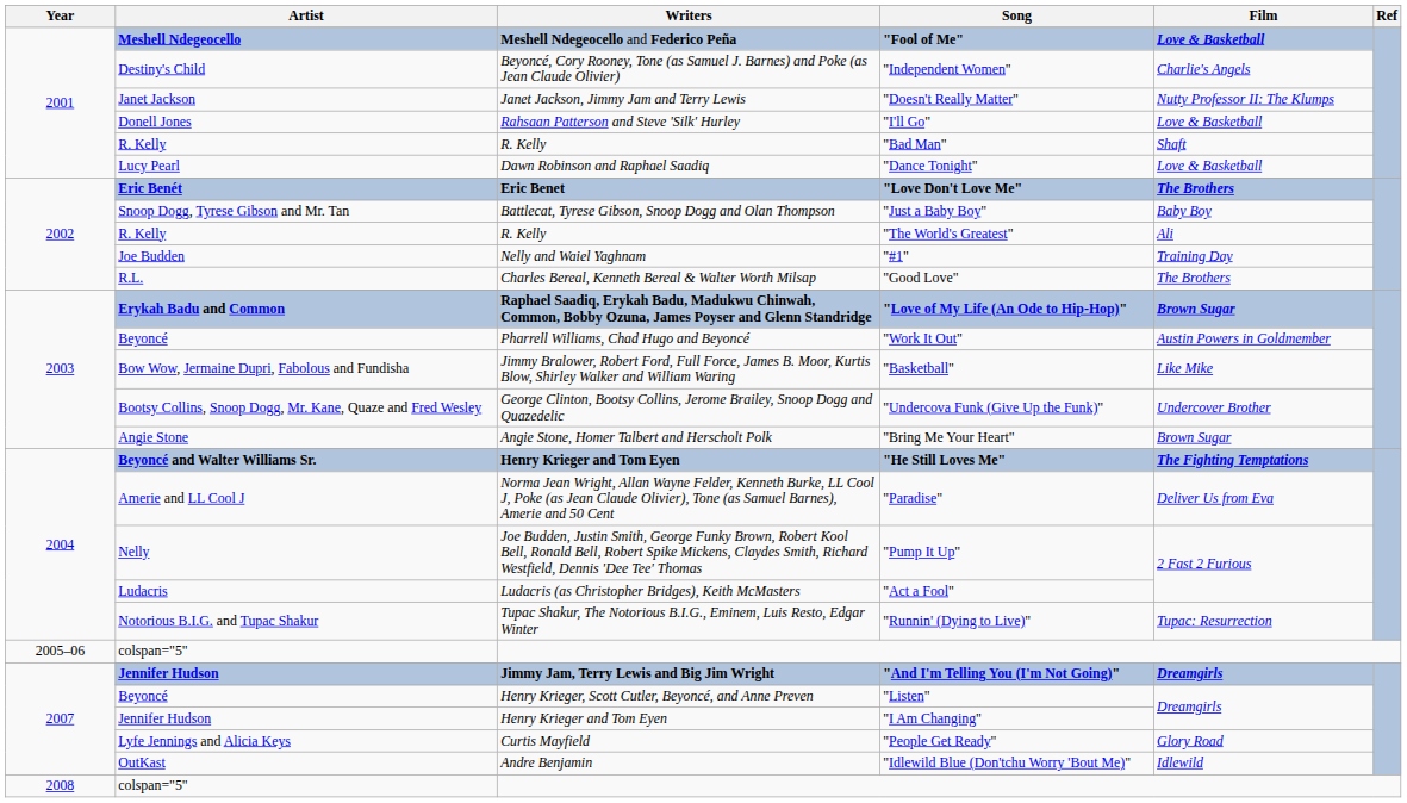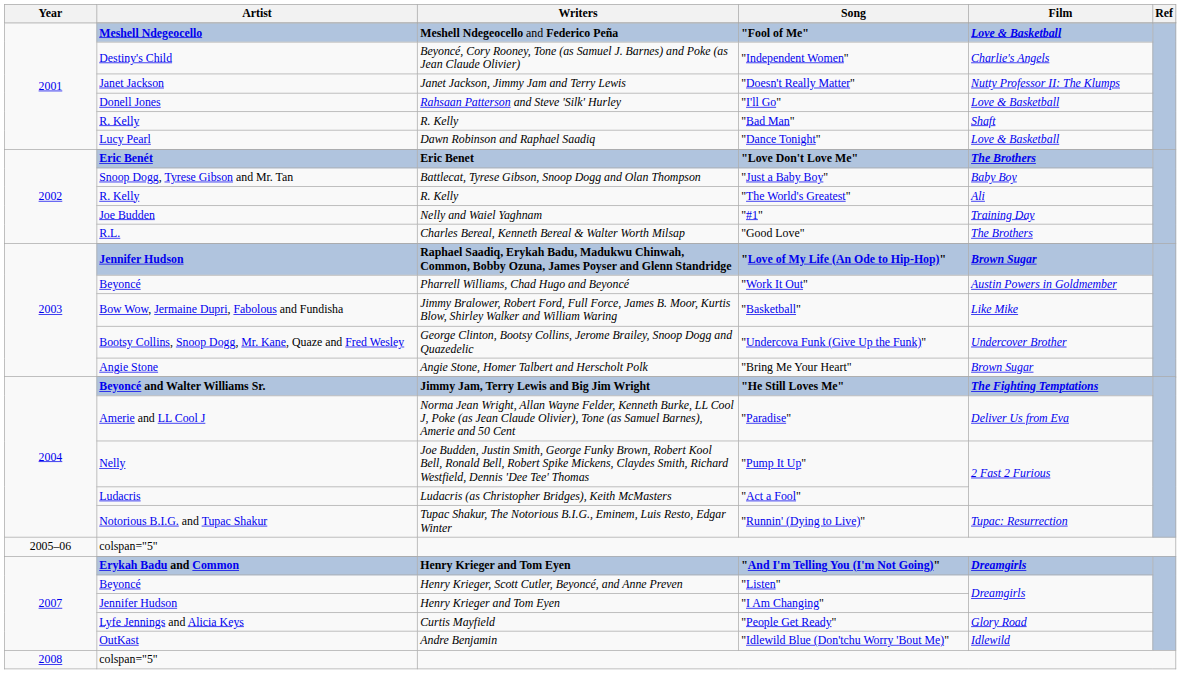 <table class="wikitable" style="width:100%;">
 <tr style="background:#bebebe;">
 <th style="width:08%;">Year</th>
 <th style="width:28%;">Artist</th>
 <th style="width:28%;">Writers</th>
 <th style="width:20%;">Song</th>
 <th style="width:28%;">Film</th>
 <th style="width:5%;">Ref</th>
 </tr>
 <tr>
 <td rowspan="7" align="center"><a href='#'>2001</a></td>
 </tr>
 <tr style="background:#B0C4DE">
 <td><strong><a href='#'>Meshell Ndegeocello</a></strong></td>
 <td><strong>Meshell Ndegeocello</strong> and <strong>Federico Peña</strong></td>
 <td><strong>"Fool of Me"</strong></td>
 <td><strong><em><a href='#'>Love & Basketball</a></em></strong></td>
 <td rowspan="7" align="center"></td>
 </tr>
 <tr>
 <td><a href='#'>Destiny's Child</a></td>
 <td><em>Beyoncé, Cory Rooney, Tone (as Samuel J. Barnes) and Poke (as Jean Claude Olivier)</em></td>
 <td>"<a href='#'>Independent Women</a>"</td>
 <td><em><a href='#'>Charlie's Angels</a></em></td>
 </tr>
 <tr>
 <td><a href='#'>Janet Jackson</a></td>
 <td><em>Janet Jackson, Jimmy Jam and Terry Lewis</em></td>
 <td>"<a href='#'>Doesn't Really Matter</a>"</td>
 <td><em><a href='#'>Nutty Professor II: The Klumps</a></em></td>
 </tr>
 <tr>
 <td><a href='#'>Donell Jones</a></td>
 <td><em><a href='#'>Rahsaan Patterson</a> and Steve 'Silk' Hurley</em></td>
 <td>"<a href='#'>I'll Go</a>"</td>
 <td><em><a href='#'>Love & Basketball</a></em></td>
 </tr>
 <tr>
 <td><a href='#'>R. Kelly</a></td>
 <td><em>R. Kelly</em></td>
 <td>"<a href='#'>Bad Man</a>"</td>
 <td><em><a href='#'>Shaft</a></em></td>
 </tr>
 <tr>
 <td><a href='#'>Lucy Pearl</a></td>
 <td><em>Dawn Robinson and Raphael Saadiq</em></td>
 <td>"<a href='#'>Dance Tonight</a>"</td>
 <td><em><a href='#'>Love & Basketball</a></em></td>
 </tr>
 <tr>
 <td rowspan="6" align="center"><a href='#'>2002</a></td>
 </tr>
 <tr style="background:#B0C4DE">
 <td><strong><a href='#'>Eric Benét</a></strong></td>
 <td><strong>Eric Benet</strong></td>
 <td><strong>"Love Don't Love Me"</strong></td>
 <td><strong><em><a href='#'>The Brothers</a></em></strong></td>
 <td rowspan="6" align="center"></td>
 </tr>
 <tr>
 <td><a href='#'>Snoop Dogg</a>, <a href='#'>Tyrese Gibson</a> and Mr. Tan</td>
 <td><em>Battlecat, Tyrese Gibson, Snoop Dogg and Olan Thompson</em></td>
 <td>"<a href='#'>Just a Baby Boy</a>"</td>
 <td><em><a href='#'>Baby Boy</a></em></td>
 </tr>
 <tr>
 <td><a href='#'>R. Kelly</a></td>
 <td><em>R. Kelly</em></td>
 <td>"<a href='#'>The World's Greatest</a>"</td>
 <td><em><a href='#'>Ali</a></em></td>
 </tr>
 <tr>
 <td><a href='#'>Joe Budden</a></td>
 <td><em>Nelly and Waiel Yaghnam</em></td>
 <td>"<a href='#'>#1</a>"</td>
 <td><em><a href='#'>Training Day</a></em></td>
 </tr>
 <tr>
 <td><a href='#'>R.L.</a></td>
 <td><em>Charles Bereal, Kenneth Bereal & Walter Worth Milsap</em></td>
 <td>"Good Love"</td>
 <td><em><a href='#'>The Brothers</a></em></td>
 </tr>
 <tr>
 <td rowspan="6" align="center"><a href='#'>2003</a></td>
 </tr>
 <tr style="background:#B0C4DE">
-<td><strong><a href='#'>Erykah Badu</a> and <a href='#'>Common</a></strong></td>
+<td><strong><a href='#'>Jennifer Hudson</a></strong></td>
 <td><strong>Raphael Saadiq, Erykah Badu, Madukwu Chinwah, Common, Bobby Ozuna, James Poyser and Glenn Standridge</strong></td>
 <td><strong>"<a href='#'>Love of My Life (An Ode to Hip-Hop)</a>"</strong></td>
 <td><strong><em><a href='#'>Brown Sugar</a></em></strong></td>
 <td rowspan="6" align="center"></td>
 </tr>
 <tr>
 <td><a href='#'>Beyoncé</a></td>
 <td><em>Pharrell Williams, Chad Hugo and Beyoncé</em></td>
 <td>"<a href='#'>Work It Out</a>"</td>
 <td><em><a href='#'>Austin Powers in Goldmember</a></em></td>
 </tr>
 <tr>
 <td><a href='#'>Bow Wow</a>, <a href='#'>Jermaine Dupri</a>, <a href='#'>Fabolous</a> and Fundisha</td>
 <td><em>Jimmy Bralower, Robert Ford, Full Force, James B. Moor, Kurtis Blow, Shirley Walker and William Waring</em></td>
 <td>"<a href='#'>Basketball</a>"</td>
 <td><em><a href='#'>Like Mike</a></em></td>
 </tr>
 <tr>
 <td><a href='#'>Bootsy Collins</a>, <a href='#'>Snoop Dogg</a>, <a href='#'>Mr. Kane</a>, Quaze and <a href='#'>Fred Wesley</a></td>
 <td><em>George Clinton, Bootsy Collins, Jerome Brailey, Snoop Dogg and Quazedelic</em></td>
 <td>"<a href='#'>Undercova Funk (Give Up the Funk)</a>"</td>
 <td><em><a href='#'>Undercover Brother</a></em></td>
 </tr>
 <tr>
 <td><a href='#'>Angie Stone</a></td>
 <td><em>Angie Stone, Homer Talbert and Herscholt Polk</em></td>
 <td>"Bring Me Your Heart"</td>
 <td><em><a href='#'>Brown Sugar</a></em></td>
 </tr>
 <tr>
 <td rowspan="6" align="center"><a href='#'>2004</a></td>
 </tr>
 <tr style="background:#B0C4DE">
 <td><strong><a href='#'>Beyoncé</a> and Walter Williams Sr.</strong></td>
-<td><strong>Henry Krieger and Tom Eyen</strong></td>
+<td><strong>Jimmy Jam, Terry Lewis and Big Jim Wright</strong></td>
 <td><strong>"He Still Loves Me"</strong></td>
 <td><strong><em><a href='#'>The Fighting Temptations</a></em></strong></td>
 <td rowspan="5" align="center"></td>
 </tr>
 <tr>
 <td><a href='#'>Amerie</a> and <a href='#'>LL Cool J</a></td>
 <td><em>Norma Jean Wright, Allan Wayne Felder, Kenneth Burke, LL Cool J, Poke (as Jean Claude Olivier), Tone (as Samuel Barnes), Amerie and 50 Cent</em></td>
 <td>"<a href='#'>Paradise</a>"</td>
 <td><em><a href='#'>Deliver Us from Eva</a></em></td>
 </tr>
 <tr>
 <td><a href='#'>Nelly</a></td>
 <td><em>Joe Budden, Justin Smith, George Funky Brown, Robert Kool Bell, Ronald Bell, Robert Spike Mickens, Claydes Smith, Richard Westfield, Dennis 'Dee Tee' Thomas</em></td>
 <td>"<a href='#'>Pump It Up</a>"</td>
 <td rowspan="2"><em><a href='#'>2 Fast 2 Furious</a></em></td>
 </tr>
 <tr>
 <td><a href='#'>Ludacris</a></td>
 <td><em>Ludacris (as Christopher Bridges), Keith McMasters</em></td>
 <td>"<a href='#'>Act a Fool</a>"</td>
 </tr>
 <tr>
 <td><a href='#'>Notorious B.I.G.</a> and <a href='#'>Tupac Shakur</a></td>
 <td><em>Tupac Shakur, The Notorious B.I.G., Eminem, Luis Resto, Edgar Winter</em></td>
 <td>"<a href='#'>Runnin' (Dying to Live)</a>"</td>
 <td><em><a href='#'>Tupac: Resurrection</a></em></td>
 </tr>
 <tr>
 <td align="center">2005–06</td>
 <td>colspan="5" </td>
 </tr>
 <tr>
 <td rowspan="6" align="center"><a href='#'>2007</a></td>
 </tr>
 <tr style="background:#B0C4DE">
-<td><strong><a href='#'>Jennifer Hudson</a></strong></td>
-<td><strong>Jimmy Jam, Terry Lewis and Big Jim Wright</strong></td>
+<td><strong><a href='#'>Erykah Badu</a> and <a href='#'>Common</a></strong></td>
+<td><strong>Henry Krieger and Tom Eyen</strong></td>
 <td><strong>"<a href='#'>And I'm Telling You (I'm Not Going)</a>"</strong></td>
 <td><strong><em><a href='#'>Dreamgirls</a></em></strong></td>
 <td rowspan="5" align="center"></td>
 </tr>
 <tr>
 <td><a href='#'>Beyoncé</a></td>
 <td><em>Henry Krieger, Scott Cutler, Beyoncé, and Anne Preven</em></td>
 <td>"<a href='#'>Listen</a>"</td>
 <td rowspan="2"><em><a href='#'>Dreamgirls</a></em></td>
 </tr>
 <tr>
 <td><a href='#'>Jennifer Hudson</a></td>
 <td><em>Henry Krieger and Tom Eyen</em></td>
 <td>"<a href='#'>I Am Changing</a>"</td>
 </tr>
 <tr>
 <td><a href='#'>Lyfe Jennings</a> and <a href='#'>Alicia Keys</a></td>
 <td><em>Curtis Mayfield</em></td>
 <td>"<a href='#'>People Get Ready</a>"</td>
 <td><em><a href='#'>Glory Road</a></em></td>
 </tr>
 <tr>
 <td><a href='#'>OutKast</a></td>
 <td><em>Andre Benjamin</em></td>
 <td>"<a href='#'>Idlewild Blue (Don'tchu Worry 'Bout Me)</a>"</td>
 <td><em><a href='#'>Idlewild</a></em></td>
 </tr>
 <tr>
 <td align="center"><a href='#'>2008</a></td>
 <td>colspan="5" </td>
 </tr>
 </table>
